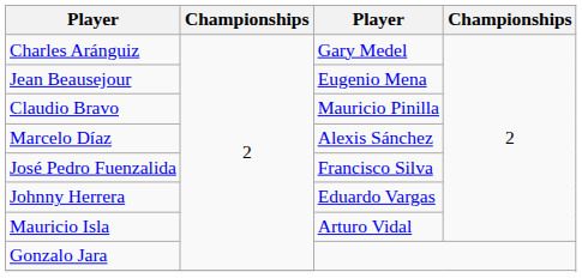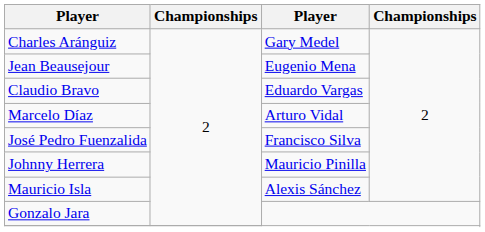 <table class="wikitable" style="text-align: left;">
 <tr>
 <th>Player</th>
 <th>Championships</th>
 <th>Player</th>
 <th>Championships</th>
 </tr>
 <tr>
 <td><a href='#'>Charles Aránguiz</a></td>
 <td rowspan=8 align=center>2</td>
 <td><a href='#'>Gary Medel</a></td>
 <td rowspan=7 align=center>2</td>
 </tr>
 <tr>
 <td><a href='#'>Jean Beausejour</a></td>
 <td><a href='#'>Eugenio Mena</a></td>
 </tr>
 <tr>
 <td><a href='#'>Claudio Bravo</a></td>
-<td><a href='#'>Mauricio Pinilla</a></td>
+<td><a href='#'>Eduardo Vargas</a></td>
 </tr>
 <tr>
 <td><a href='#'>Marcelo Díaz</a></td>
-<td><a href='#'>Alexis Sánchez</a></td>
+<td><a href='#'>Arturo Vidal</a></td>
 </tr>
 <tr>
 <td><a href='#'>José Pedro Fuenzalida</a></td>
 <td><a href='#'>Francisco Silva</a></td>
 </tr>
 <tr>
 <td><a href='#'>Johnny Herrera</a></td>
-<td><a href='#'>Eduardo Vargas</a></td>
+<td><a href='#'>Mauricio Pinilla</a></td>
 </tr>
 <tr>
 <td><a href='#'>Mauricio Isla</a></td>
-<td><a href='#'>Arturo Vidal</a></td>
+<td><a href='#'>Alexis Sánchez</a></td>
 </tr>
 <tr>
 <td><a href='#'>Gonzalo Jara</a></td>
 </tr>
 <tr>
 </tr>
 </table>
